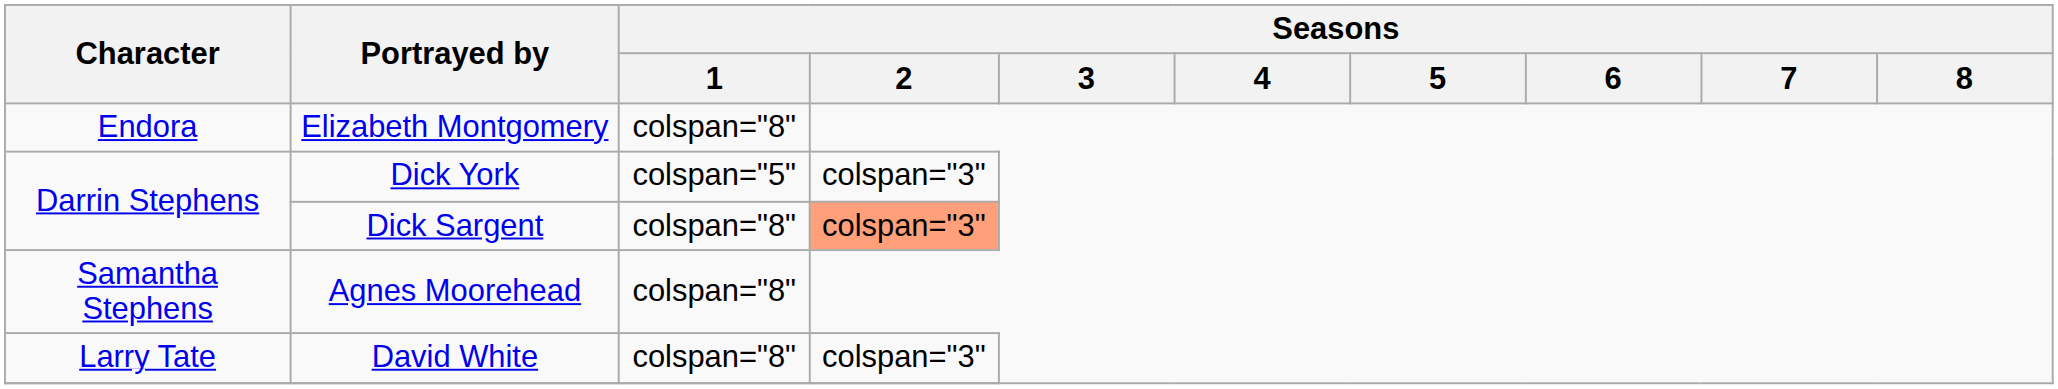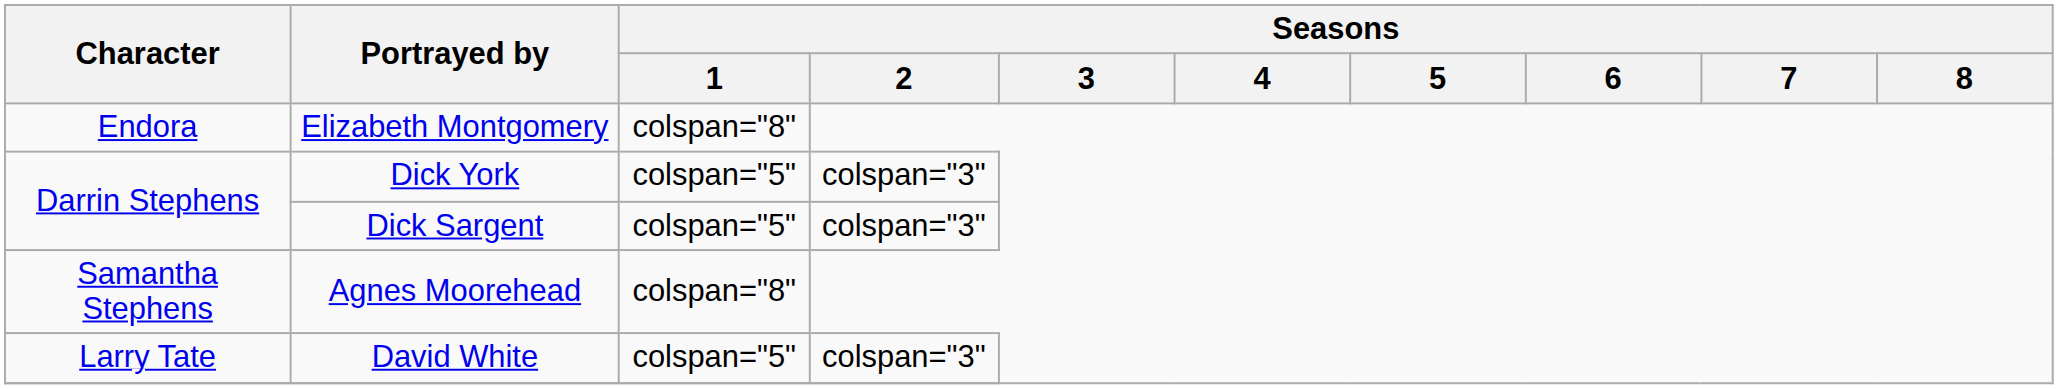 <table class="wikitable plainrowheaders" style="text-align:center; width:84%;">
 <tr>
 <th scope="col" rowspan="2" style="width:13%;">Character</th>
 <th scope="col" rowspan="2" style="width:15%;">Portrayed by</th>
 <th scope="col" colspan="8" style="width:56%;">Seasons</th>
 </tr>
 <tr>
 <th scope="col" style="width:8%;">1</th>
 <th scope="col" style="width:8%;">2</th>
 <th scope="col" style="width:8%;">3</th>
 <th scope="col" style="width:8%;">4</th>
 <th scope="col" style="width:8%;">5</th>
 <th scope="col" style="width:8%;">6</th>
 <th scope="col" style="width:8%;">7</th>
 <th scope="col" style="width:8%;">8</th>
 </tr>
 <tr>
 <td scope="row"><a href='#'>Endora</a></td>
 <td><a href='#'>Elizabeth Montgomery</a></td>
 <td>colspan="8" </td>
 </tr>
 <tr>
 <td scope="row" rowspan=2><a href='#'>Darrin Stephens</a></td>
 <td><a href='#'>Dick York</a></td>
 <td>colspan="5" </td>
 <td>colspan="3" </td>
 </tr>
 <tr>
 <td><a href='#'>Dick Sargent</a></td>
-<td>colspan="8" </td>
-<td style="background: lightsalmon;">colspan="3" </td>
+<td>colspan="5" </td>
+<td>colspan="3" </td>
 </tr>
 <tr>
 <td scope="row"><a href='#'>Samantha Stephens</a></td>
 <td><a href='#'>Agnes Moorehead</a></td>
 <td>colspan="8" </td>
 </tr>
 <tr>
 <td scope="row"><a href='#'>Larry Tate</a></td>
 <td><a href='#'>David White</a></td>
-<td>colspan="8" </td>
+<td>colspan="5" </td>
 <td>colspan="3" </td>
 </tr>
 <tr>
 </tr>
 </table>
